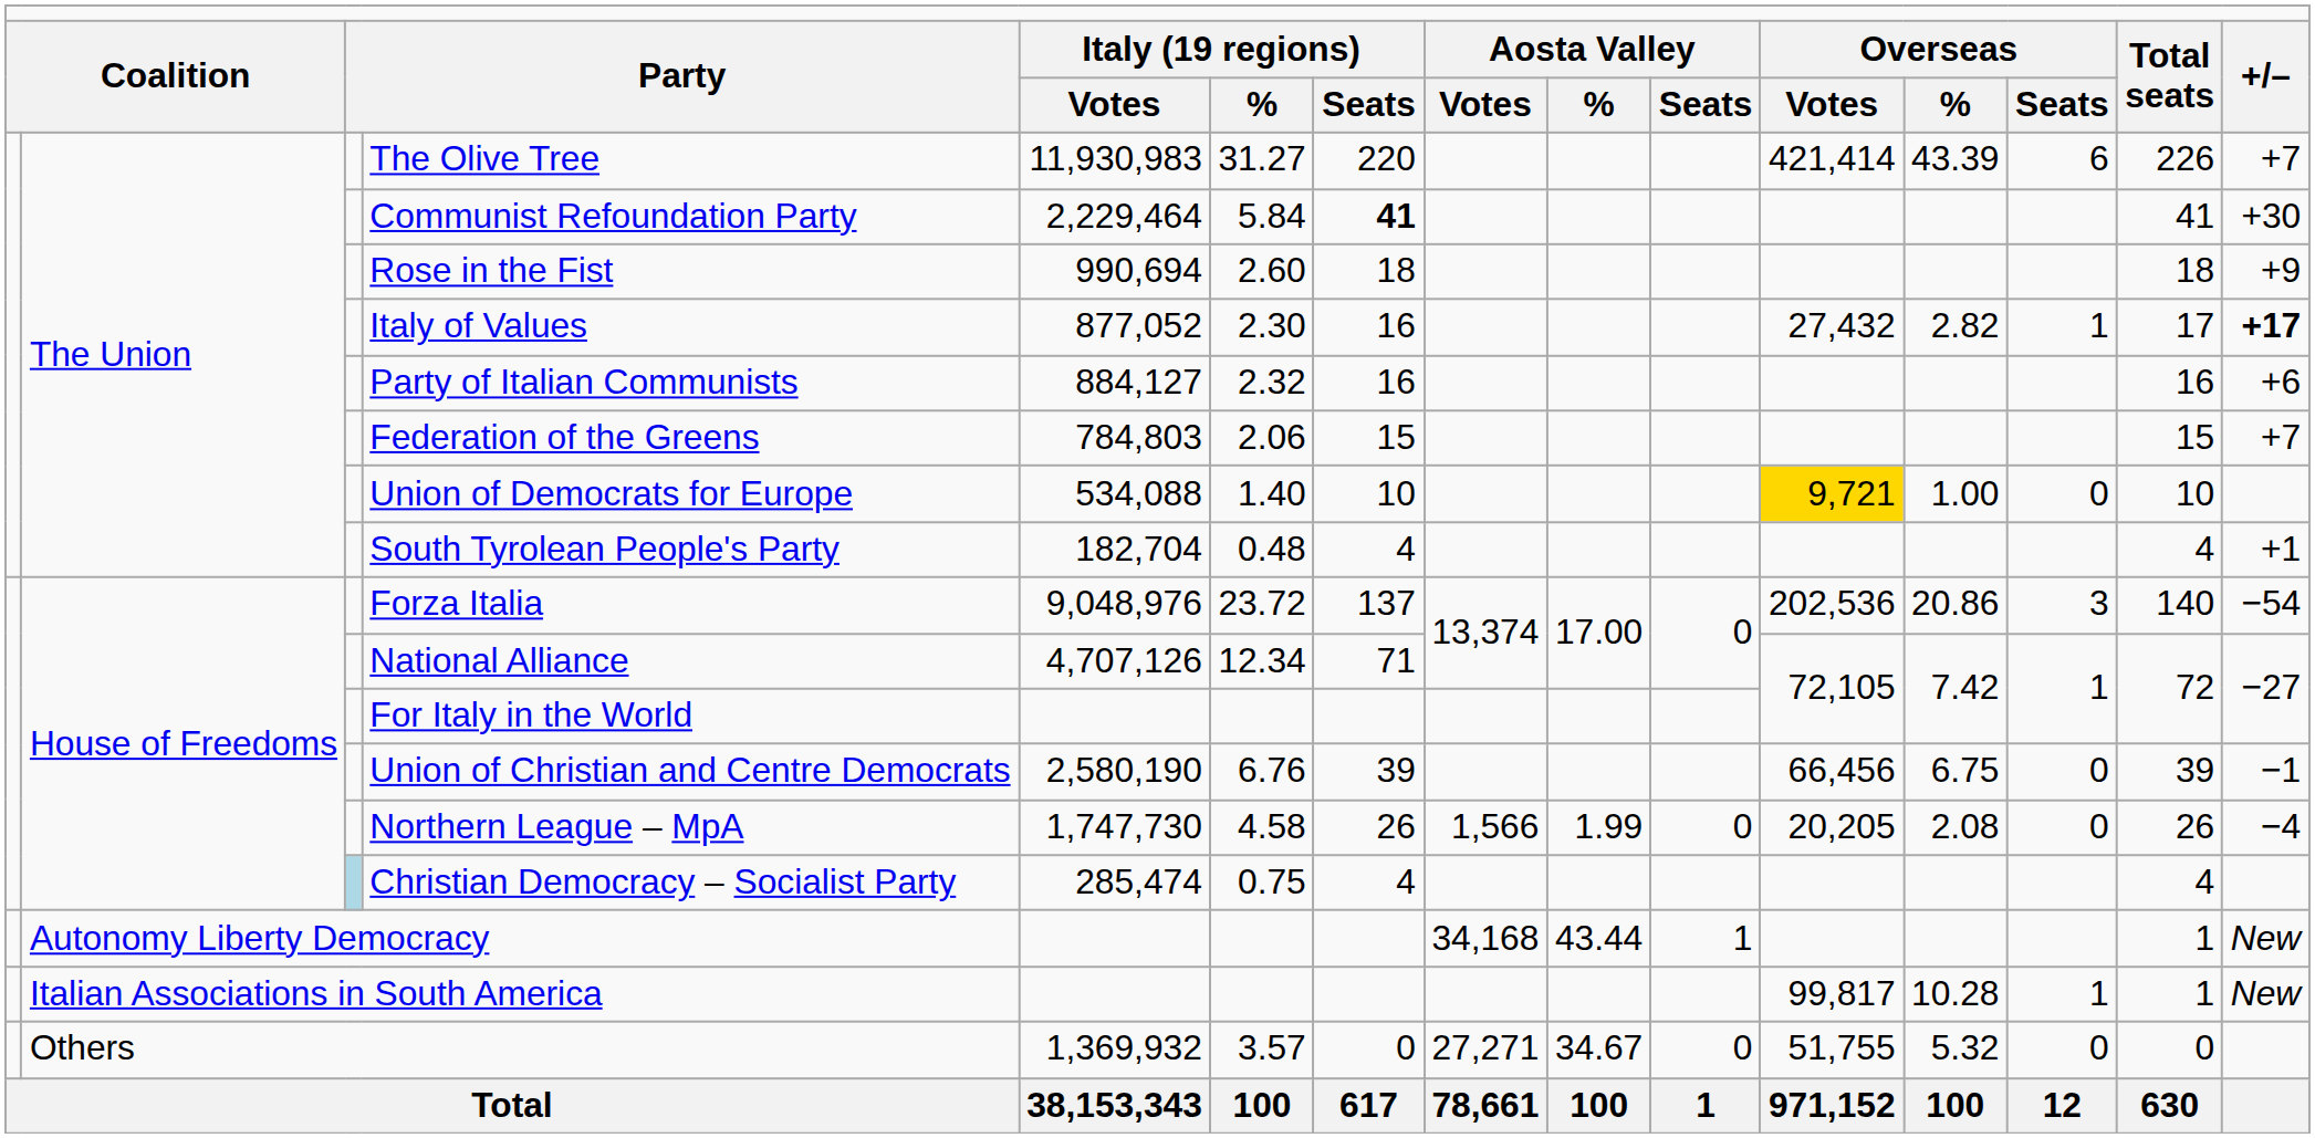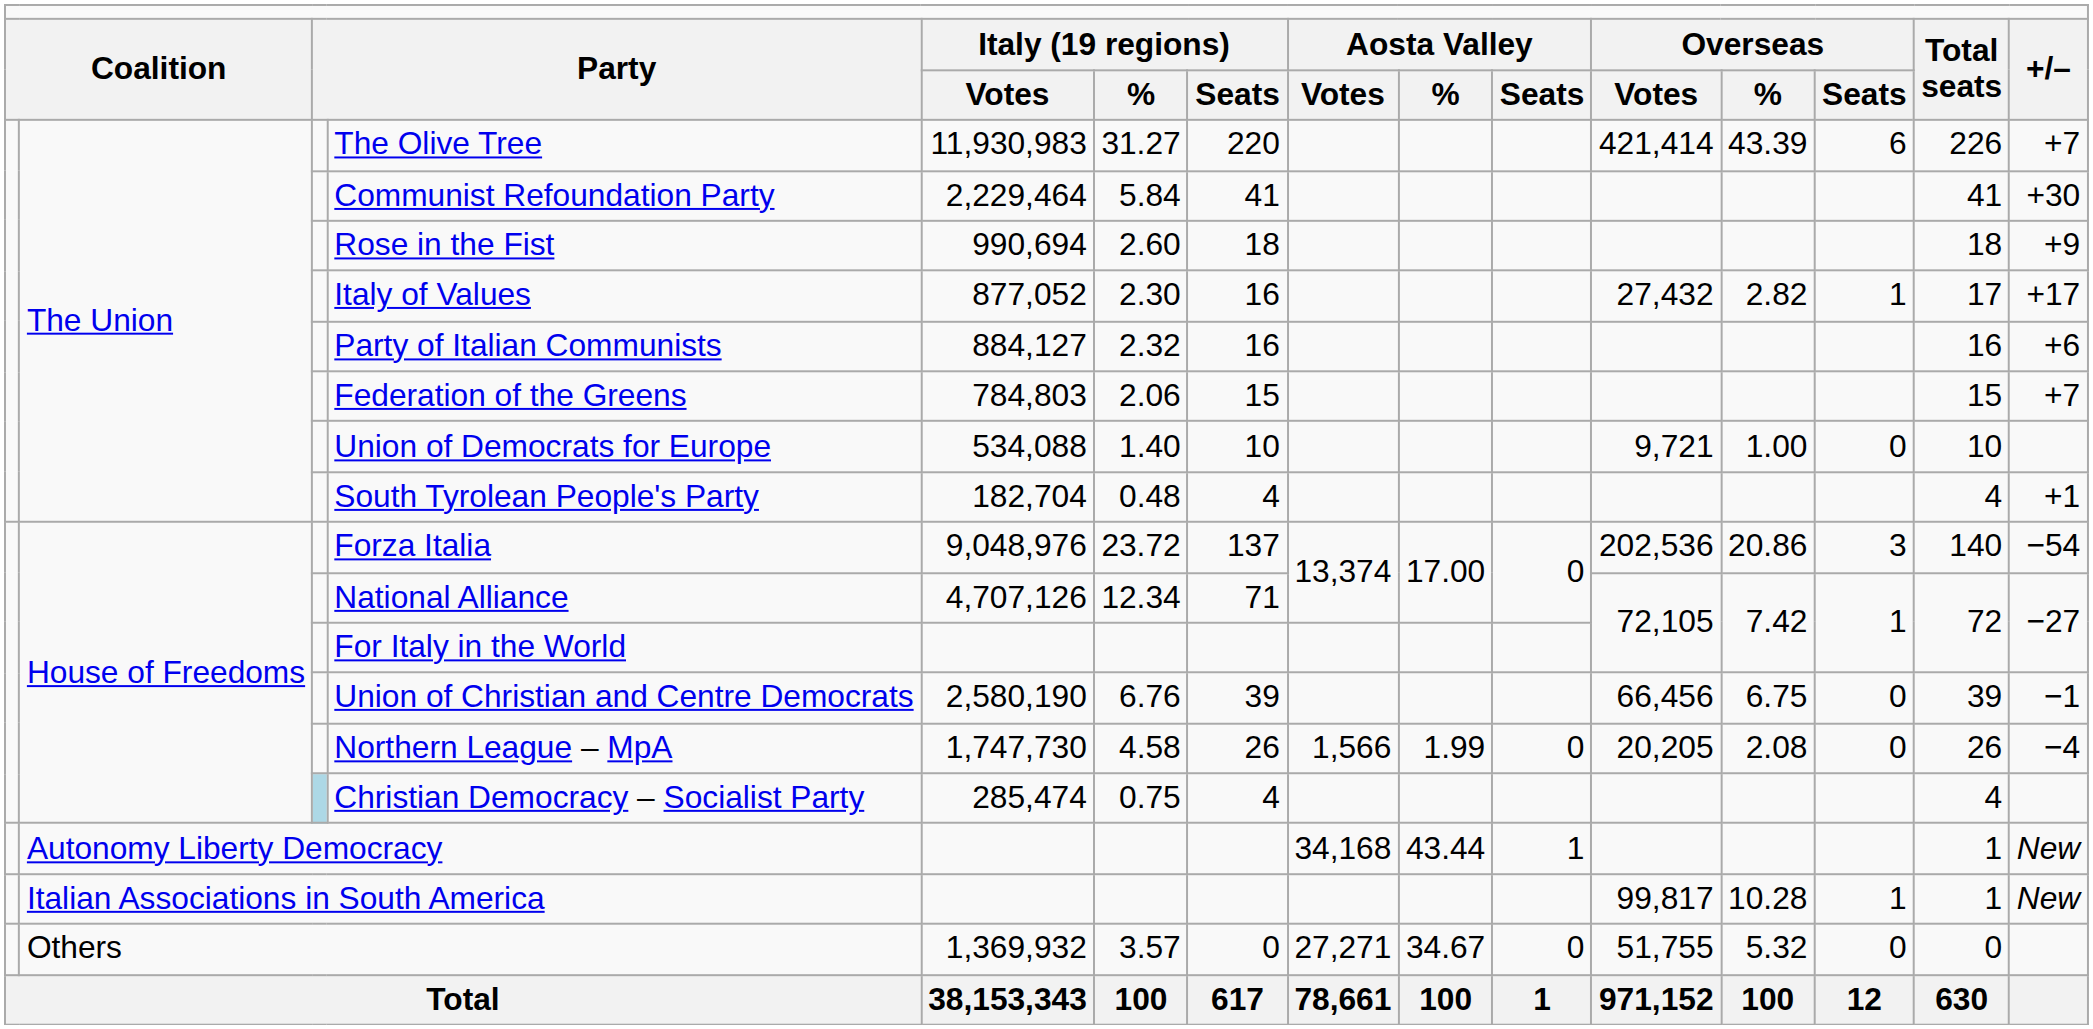 <table class="wikitable" style="text-align:right">
 <tr>
 <td colspan="15" style="text-align:center"></td>
 </tr>
 <tr>
 <th align=left colspan=2 rowspan=2>Coalition</th>
 <th colspan=2 rowspan=2>Party</th>
 <th colspan="3" align="center" valign=top>Italy (19 regions)</th>
 <th colspan="3" align="center" valign=top>Aosta Valley</th>
 <th colspan="3" align="center" valign=top>Overseas</th>
 <th align=left rowspan=2><strong>Total <br> seats</strong></th>
 <th align=left rowspan=2>+/–</th>
 </tr>
 <tr>
 <th style="background-color:" align="center" valign=bottom>Votes</th>
 <th style="background-color:" align="center" valign=bottom>%</th>
 <th style="background-color:" align="center" valign=bottom>Seats</th>
 <th style="background-color:" align="center" valign=bottom>Votes</th>
 <th style="background-color:" align="center" valign=bottom>%</th>
 <th style="background-color:" align="center" valign=bottom>Seats</th>
 <th style="background-color:" align="center" valign=bottom>Votes</th>
 <th style="background-color:" align="center" valign=bottom>%</th>
 <th style="background-color:" align="center" valign=bottom>Seats</th>
 </tr>
 <tr>
 <td rowspan="8"></td>
 <td style="text-align:left;" rowspan="8"><a href='#'>The Union</a></td>
 <td></td>
 <td align=left><a href='#'>The Olive Tree</a></td>
 <td>11,930,983</td>
 <td>31.27</td>
 <td>220</td>
 <td></td>
 <td></td>
 <td></td>
 <td>421,414</td>
 <td>43.39</td>
 <td>6</td>
 <td>226</td>
 <td><span>+7</span></td>
 </tr>
 <tr>
 <td></td>
 <td align=left><a href='#'>Communist Refoundation Party</a></td>
 <td>2,229,464</td>
 <td>5.84</td>
-<td><strong>41</strong></td>
+<td>41</td>
 <td></td>
 <td></td>
 <td></td>
 <td></td>
 <td></td>
 <td></td>
 <td>41</td>
 <td><span>+30</span></td>
 </tr>
 <tr>
 <td></td>
 <td align=left><a href='#'>Rose in the Fist</a></td>
 <td>990,694</td>
 <td>2.60</td>
 <td>18</td>
 <td></td>
 <td></td>
 <td></td>
 <td></td>
 <td></td>
 <td></td>
 <td>18</td>
 <td><span>+9</span></td>
 </tr>
 <tr>
 <td></td>
 <td align=left><a href='#'>Italy of Values</a></td>
 <td>877,052</td>
 <td>2.30</td>
 <td>16</td>
 <td></td>
 <td></td>
 <td></td>
 <td>27,432</td>
 <td>2.82</td>
 <td>1</td>
 <td>17</td>
-<td><strong><span>+17</span></strong></td>
+<td><span>+17</span></td>
 </tr>
 <tr>
 <td></td>
 <td align=left><a href='#'>Party of Italian Communists</a></td>
 <td>884,127</td>
 <td>2.32</td>
 <td>16</td>
 <td></td>
 <td></td>
 <td></td>
 <td></td>
 <td></td>
 <td></td>
 <td>16</td>
 <td><span>+6</span></td>
 </tr>
 <tr>
 <td></td>
 <td align=left><a href='#'>Federation of the Greens</a></td>
 <td>784,803</td>
 <td>2.06</td>
 <td>15</td>
 <td></td>
 <td></td>
 <td></td>
 <td></td>
 <td></td>
 <td></td>
 <td>15</td>
 <td><span>+7</span></td>
 </tr>
 <tr>
 <td></td>
 <td align=left><a href='#'>Union of Democrats for Europe</a></td>
 <td>534,088</td>
 <td>1.40</td>
 <td>10</td>
 <td></td>
 <td></td>
 <td></td>
-<td style="background: gold;">9,721</td>
+<td>9,721</td>
 <td>1.00</td>
 <td>0</td>
 <td>10</td>
 <td></td>
 </tr>
 <tr>
 <td></td>
 <td align=left><a href='#'>South Tyrolean People's Party</a></td>
 <td>182,704</td>
 <td>0.48</td>
 <td>4</td>
 <td></td>
 <td></td>
 <td></td>
 <td></td>
 <td></td>
 <td></td>
 <td>4</td>
 <td><span>+1</span></td>
 </tr>
 <tr>
 <td rowspan="6"></td>
 <td style="text-align:left;" rowspan="6"><a href='#'>House of Freedoms</a></td>
 <td></td>
 <td align=left><a href='#'>Forza Italia</a></td>
 <td>9,048,976</td>
 <td>23.72</td>
 <td>137</td>
 <td rowspan=2 align=left>13,374</td>
 <td rowspan=2 align=left>17.00</td>
 <td rowspan=2>0</td>
 <td>202,536</td>
 <td>20.86</td>
 <td>3</td>
 <td>140</td>
 <td><span>−54</span></td>
 </tr>
 <tr>
 <td></td>
 <td align=left><a href='#'>National Alliance</a></td>
 <td>4,707,126</td>
 <td>12.34</td>
 <td>71</td>
 <td rowspan=2 align=right>72,105</td>
 <td rowspan=2 align=right>7.42</td>
 <td rowspan=2 align=right>1</td>
 <td rowspan=2 align=right>72</td>
 <td rowspan=2><span>−27</span></td>
 </tr>
 <tr>
 <td></td>
 <td align=left><a href='#'>For Italy in the World</a></td>
 <td></td>
 <td></td>
 <td></td>
 <td></td>
 <td></td>
 <td></td>
 </tr>
 <tr>
 <td></td>
 <td align=left><a href='#'>Union of Christian and Centre Democrats</a></td>
 <td>2,580,190</td>
 <td>6.76</td>
 <td>39</td>
 <td></td>
 <td></td>
 <td></td>
 <td>66,456</td>
 <td>6.75</td>
 <td>0</td>
 <td>39</td>
 <td><span>−1</span></td>
 </tr>
 <tr>
 <td></td>
 <td align=left><a href='#'>Northern League</a> – <a href='#'>MpA</a></td>
 <td>1,747,730</td>
 <td>4.58</td>
 <td>26</td>
 <td>1,566</td>
 <td>1.99</td>
 <td>0</td>
 <td>20,205</td>
 <td>2.08</td>
 <td>0</td>
 <td>26</td>
 <td><span>−4</span></td>
 </tr>
 <tr>
 <td bgcolor="lightblue"></td>
 <td align=left><a href='#'>Christian Democracy</a> – <a href='#'>Socialist Party</a></td>
 <td>285,474</td>
 <td>0.75</td>
 <td>4</td>
 <td></td>
 <td></td>
 <td></td>
 <td></td>
 <td></td>
 <td></td>
 <td>4</td>
 <td></td>
 </tr>
 <tr>
 <td></td>
 <td colspan="3" align=left><a href='#'>Autonomy Liberty Democracy</a></td>
 <td></td>
 <td></td>
 <td></td>
 <td>34,168</td>
 <td>43.44</td>
 <td>1</td>
 <td></td>
 <td></td>
 <td></td>
 <td>1</td>
 <td><em>New</em></td>
 </tr>
 <tr>
 <td></td>
 <td colspan="3" align=left><a href='#'>Italian Associations in South America</a></td>
 <td></td>
 <td></td>
 <td></td>
 <td></td>
 <td></td>
 <td></td>
 <td>99,817</td>
 <td>10.28</td>
 <td>1</td>
 <td>1</td>
 <td><em>New</em></td>
 </tr>
 <tr>
 <td></td>
 <td colspan="3"  align=left>Others</td>
 <td>1,369,932</td>
 <td>3.57</td>
 <td>0</td>
 <td>27,271</td>
 <td>34.67</td>
 <td>0</td>
 <td>51,755</td>
 <td>5.32</td>
 <td>0</td>
 <td>0</td>
 <td></td>
 </tr>
 <tr>
 <th colspan=4 align=left><strong>Total</strong></th>
 <th><strong>38,153,343</strong></th>
 <th><strong>100</strong></th>
 <th><strong>617</strong></th>
 <th><strong>78,661</strong></th>
 <th><strong>100</strong></th>
 <th><strong>1</strong></th>
 <th><strong>971,152</strong></th>
 <th><strong>100</strong></th>
 <th><strong>12</strong></th>
 <th><strong>630</strong></th>
 <th></th>
 </tr>
 </table>
